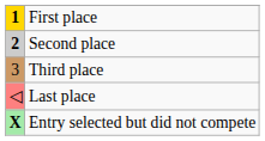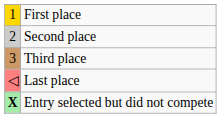 <table class="wikitable">
 <tr>
 </tr>
 <tr>
-<td style="text-align:center; background-color:#FFD700;"><strong>1</strong></td>
+<td style="text-align:center; background-color:#FFD700;">1</td>
 <td>First place</td>
 </tr>
 <tr>
-<td style="text-align:center; background-color:#CCC;"><strong>2</strong></td>
+<td style="text-align:center; background-color:#CCC;">2</td>
 <td>Second place</td>
 </tr>
 <tr>
 <td style="text-align:center; background-color:#C96;">3</td>
 <td>Third place</td>
 </tr>
 <tr>
 <td style="text-align:center; background-color:#FE8080;">◁</td>
 <td>Last place</td>
 </tr>
 <tr>
 <td style="text-align:center; background-color:#A4EAA9;"><strong>X</strong></td>
 <td>Entry selected but did not compete</td>
 </tr>
 </table>
